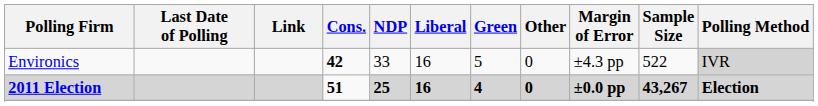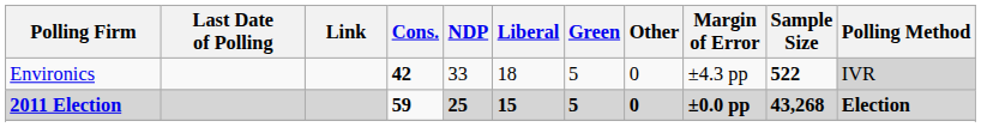 <table class="wikitable sortable">
 <tr style="background:#e9e9e9;">
 <th style="width:120px">Polling Firm</th>
 <th style="width:110px">Last Date<br>of Polling</th>
 <th style="width:60px" class="unsortable">Link</th>
 <th style="background-color:"><strong><a href='#'>Cons.</a></strong></th>
 <th style="background-color:"><strong><a href='#'>NDP</a></strong></th>
 <th style="background-color:"><strong><a href='#'>Liberal</a></strong></th>
 <th style="background-color:"><strong><a href='#'>Green</a></strong></th>
 <th style="background-color:"><strong>Other</strong></th>
 <th style="width:60px;" class=unsortable>Margin<br>of Error</th>
 <th style="width:50px;" class=unsortable>Sample<br>Size</th>
 <th class=unsortable>Polling Method</th>
 </tr>
 <tr>
 <td><a href='#'>Environics</a></td>
 <td></td>
 <td></td>
 <td><strong>42</strong></td>
 <td>33</td>
-<td>16</td>
+<td>18</td>
 <td>5</td>
 <td>0</td>
 <td>±4.3 pp</td>
-<td>522</td>
+<td><strong>522</strong></td>
 <td style="background: lightgrey;">IVR</td>
 </tr>
 <tr>
 <td style="background:#D5D5D5"><strong><a href='#'>2011 Election</a></strong></td>
 <td style="background:#D5D5D5"><strong></strong></td>
 <td style="background:#D5D5D5"></td>
-<td><strong>51</strong></td>
+<td><strong>59</strong></td>
 <td style="background:#D5D5D5"><strong>25</strong></td>
-<td style="background:#D5D5D5"><strong>16</strong></td>
-<td style="background:#D5D5D5"><strong>4</strong></td>
+<td style="background:#D5D5D5"><strong>15</strong></td>
+<td style="background:#D5D5D5"><strong>5</strong></td>
 <td style="background:#D5D5D5"><strong>0</strong></td>
 <td style="background:#D5D5D5"><strong>±0.0 pp</strong></td>
-<td style="background:#D5D5D5"><strong>43,267</strong></td>
+<td style="background:#D5D5D5"><strong>43,268</strong></td>
 <td style="background:#D5D5D5"><strong>Election</strong></td>
 </tr>
 <tr>
 </tr>
 <tr>
 </tr>
 </table>
